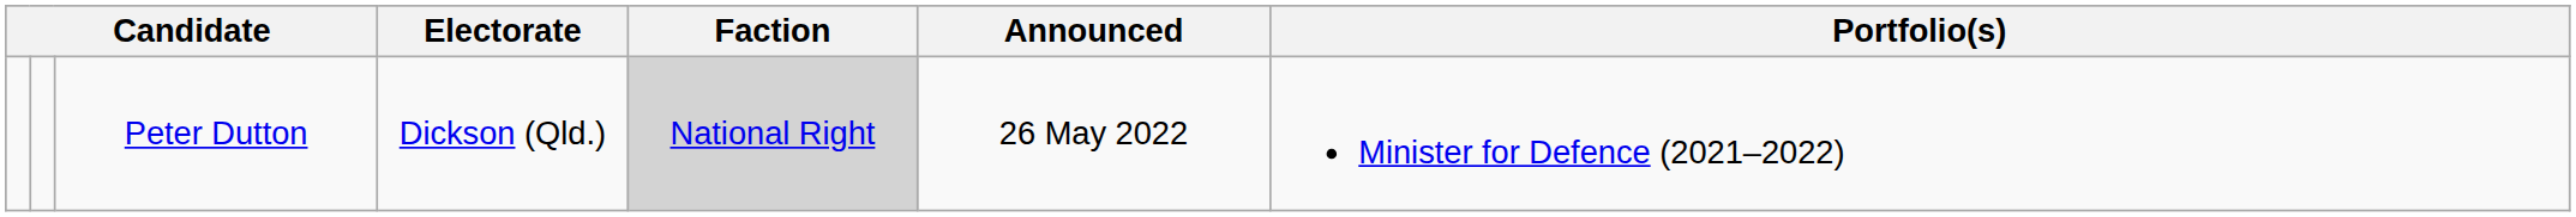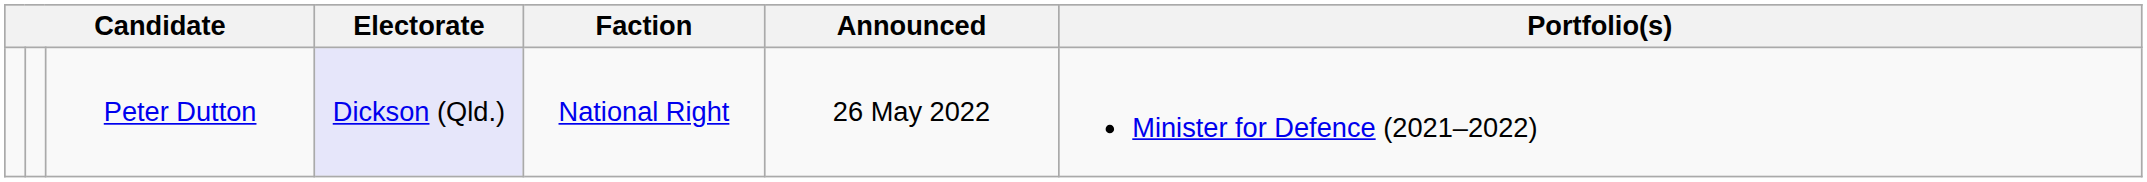 <table class="wikitable" style="text-align:center">
 <tr>
 <th width=175px; colspan=3>Candidate</th>
 <th width=115px>Electorate</th>
 <th width=135px>Faction</th>
 <th width=165px>Announced</th>
 <th width=630px>Portfolio(s)</th>
 </tr>
 <tr>
 <td width="3pt" > </td>
 <td></td>
 <td><a href='#'>Peter Dutton</a></td>
-<td><a href='#'>Dickson</a> (Qld.)</td>
-<td style="background: lightgrey;"><a href='#'>National Right</a></td>
+<td style="background: lavender;"><a href='#'>Dickson</a> (Qld.)</td>
+<td><a href='#'>National Right</a></td>
 <td>26 May 2022</td>
 <td align=left><br><ul><li><a href='#'>Minister for Defence</a> (2021–2022)</li></ul></td>
 </tr>
 </table>
